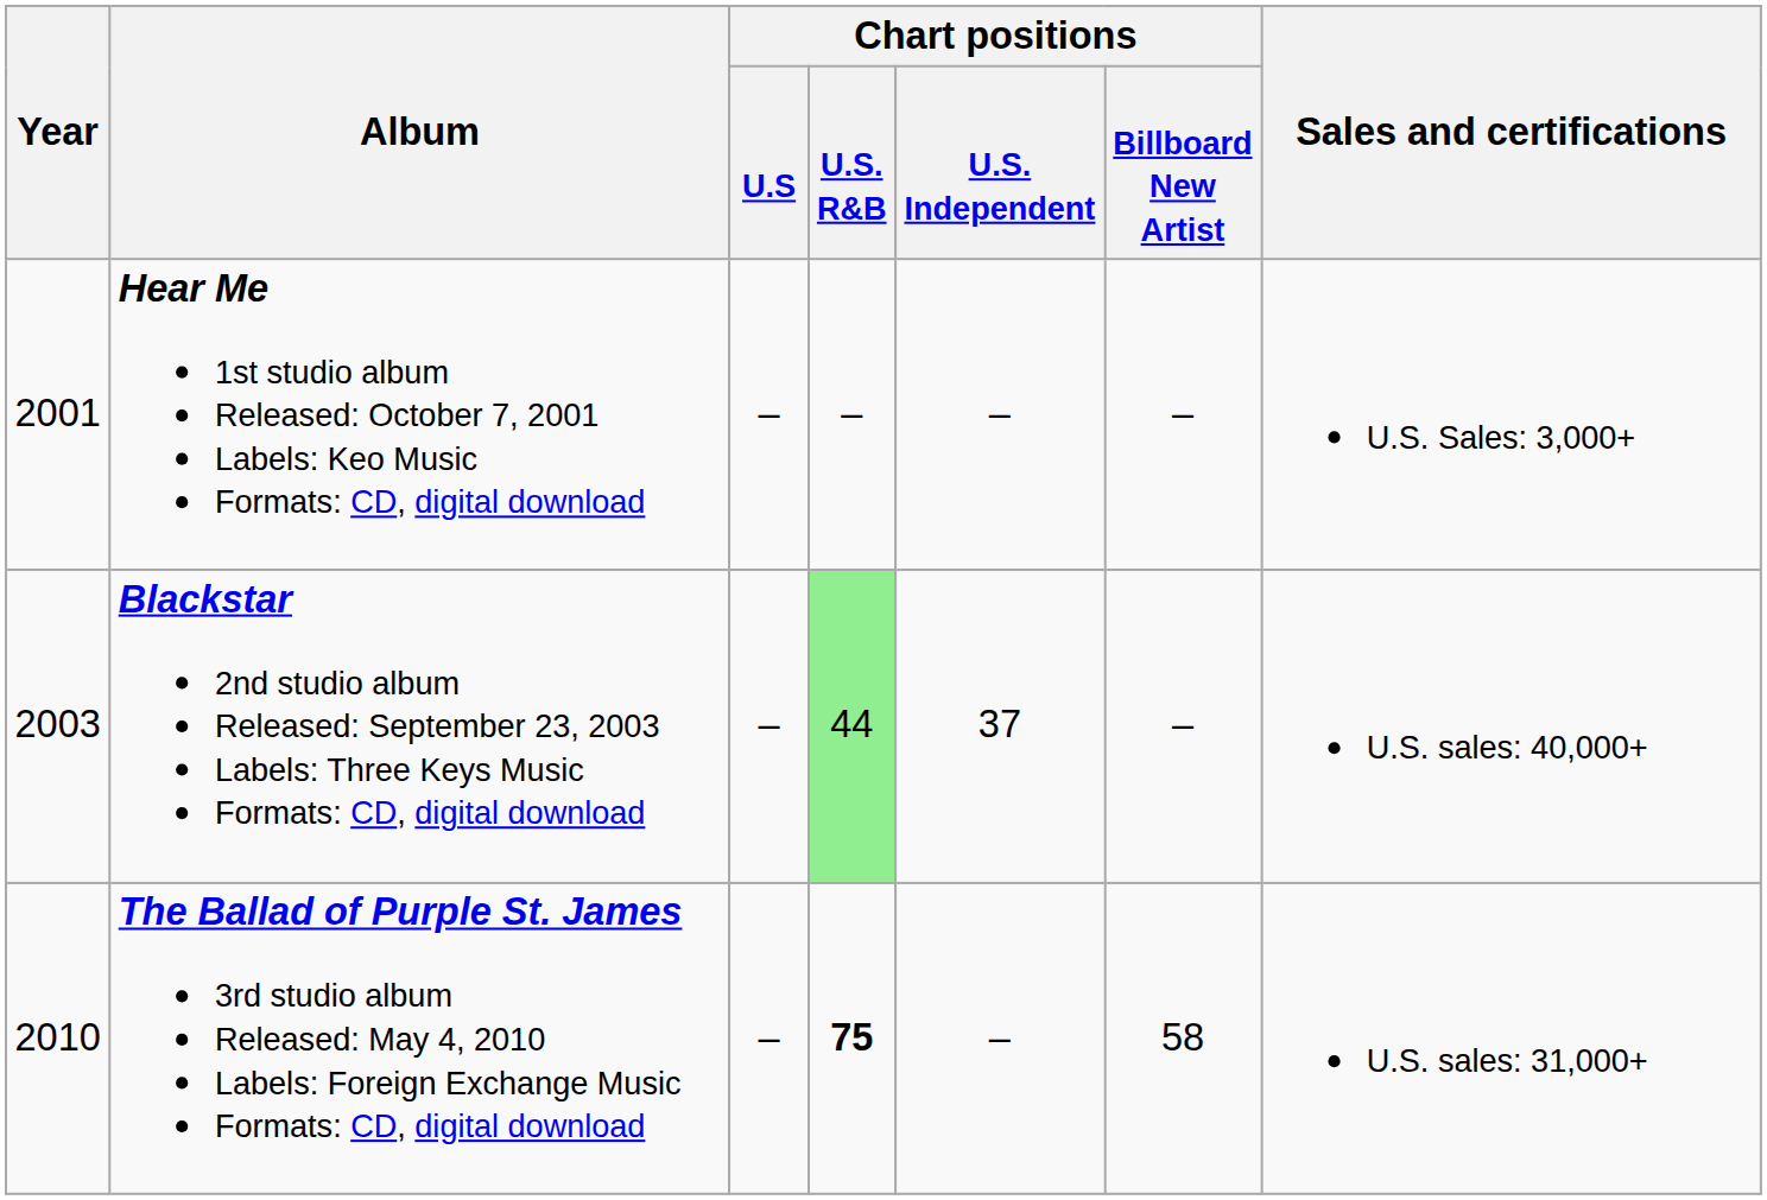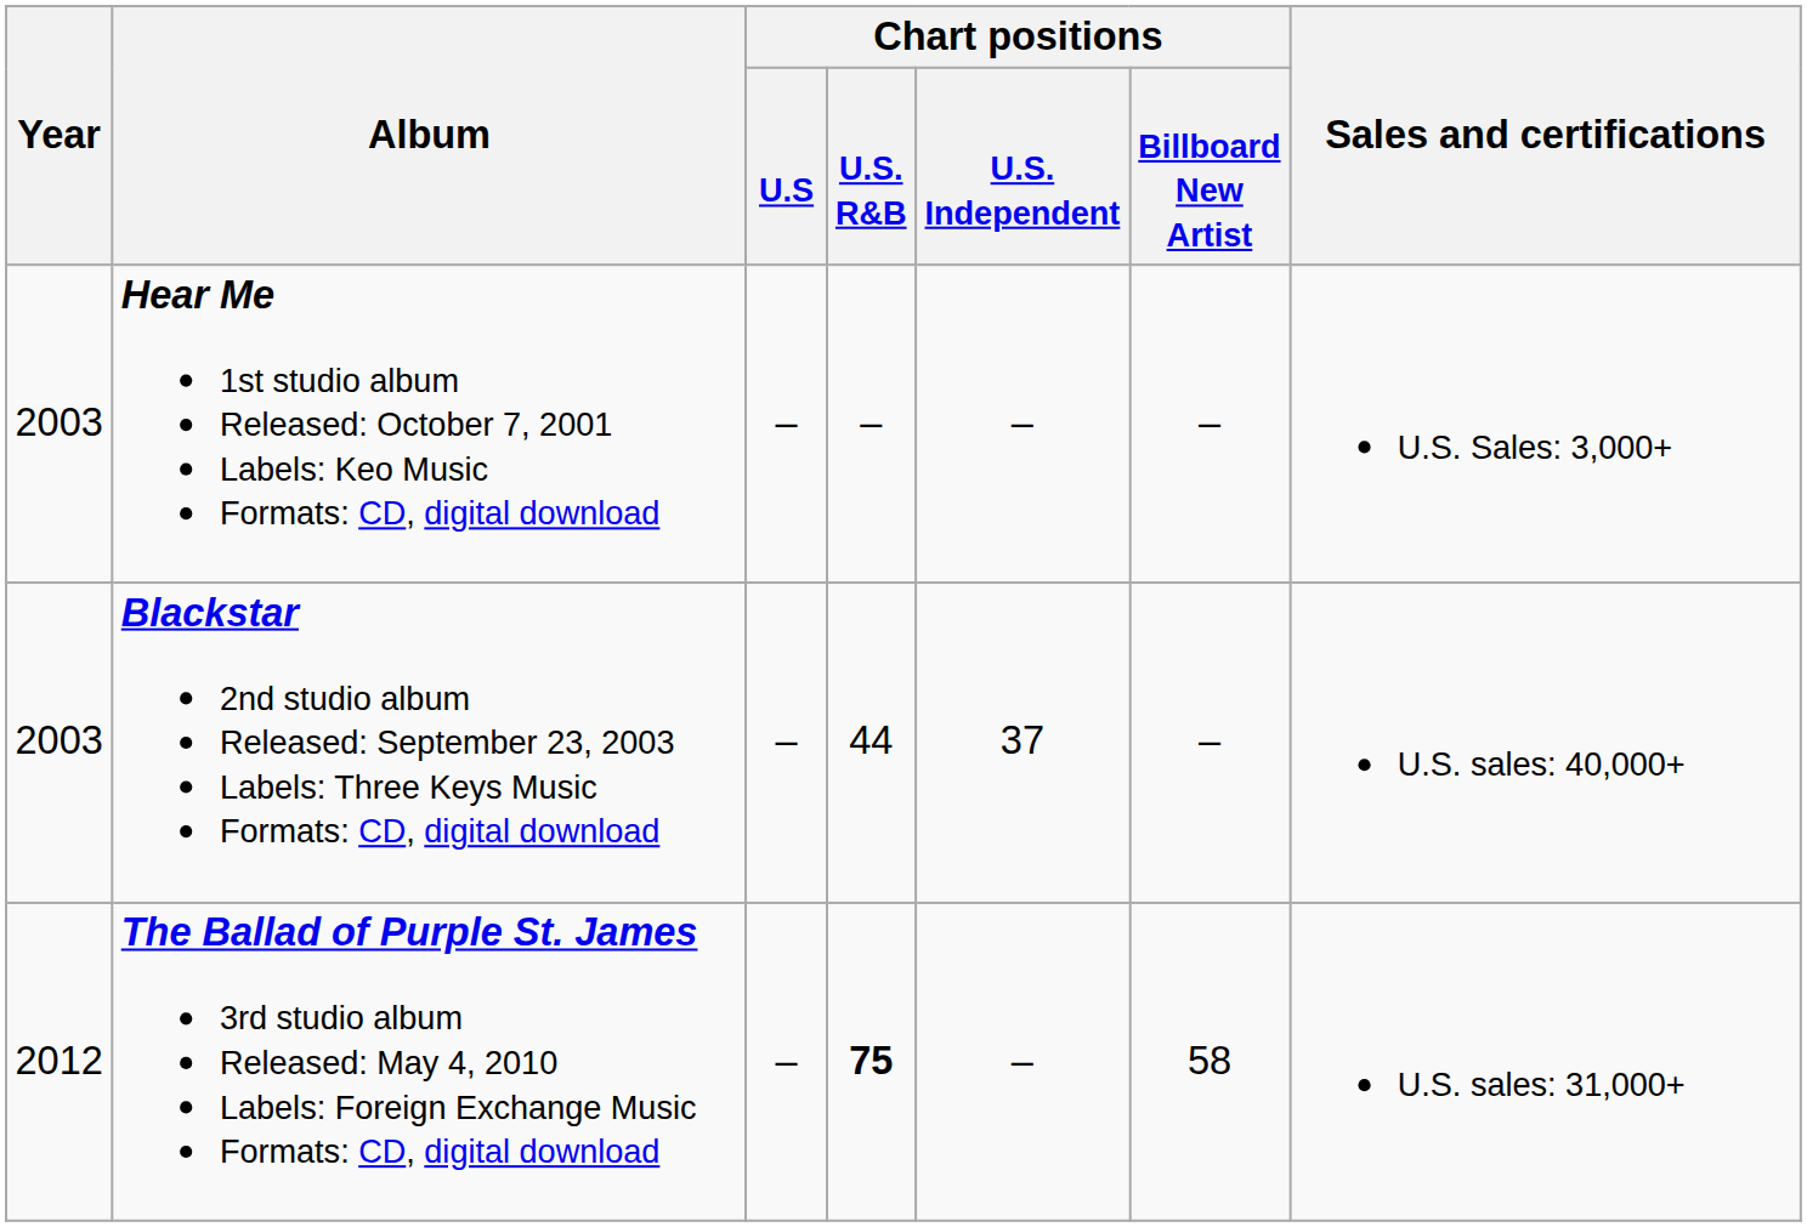 <table class="wikitable">
 <tr>
 <th rowspan="2">Year</th>
 <th width="250" rowspan="2">Album</th>
 <th colspan="4">Chart positions</th>
 <th width="200" rowspan="2">Sales and certifications</th>
 </tr>
 <tr>
 <th width="25"><br><small><a href='#'>U.S</a></small></th>
 <th width="25"><br><small><a href='#'>U.S. R&B</a></small></th>
 <th width="25"><br><small><a href='#'>U.S. Independent</a></small></th>
 <th width="25"><br><small><a href='#'>Billboard New Artist</a></small></th>
 </tr>
 <tr>
-<td>2001</td>
+<td>2003</td>
 <td><strong><em>Hear Me</em></strong><br><ul><li><small>1st studio album</small></li><li><small>Released: October 7, 2001</small></li><li><small>Labels: Keo Music</small></li><li><small>Formats: <a href='#'>CD</a>, <a href='#'>digital download</a></small></li></ul></td>
 <td align="center">–</td>
 <td align="center">–</td>
 <td align="center">–</td>
 <td align="center">–</td>
 <td align="left"><br><ul><li><small>U.S. Sales: 3,000+</small></li></ul></td>
 </tr>
 <tr>
 <td>2003</td>
 <td><strong><em><a href='#'>Blackstar</a></em></strong><br><ul><li><small>2nd studio album</small></li><li><small>Released: September 23, 2003</small></li><li><small>Labels: Three Keys Music</small></li><li><small>Formats: <a href='#'>CD</a>, <a href='#'>digital download</a></small></li></ul></td>
 <td align="center">–</td>
-<td align="center" style="background: lightgreen;">44</td>
+<td align="center">44</td>
 <td align="center">37</td>
 <td align="center">–</td>
 <td align="left"><br><ul><li><small>U.S. sales: 40,000+</small></li></ul></td>
 </tr>
 <tr>
-<td>2010</td>
+<td>2012</td>
 <td><strong><em><a href='#'>The Ballad of Purple St. James</a></em></strong><br><ul><li><small>3rd studio album</small></li><li><small>Released: May 4, 2010</small></li><li><small>Labels: Foreign Exchange Music</small></li><li><small>Formats: <a href='#'>CD</a>, <a href='#'>digital download</a></small></li></ul></td>
 <td align="center">–</td>
 <td align="center"><strong>75</strong></td>
 <td align="center">–</td>
 <td align="center">58</td>
 <td align="left"><br><ul><li><small>U.S. sales: 31,000+</small></li></ul></td>
 </tr>
 </table>
